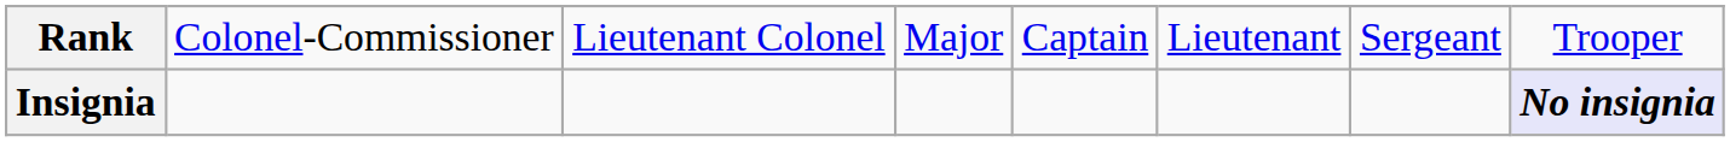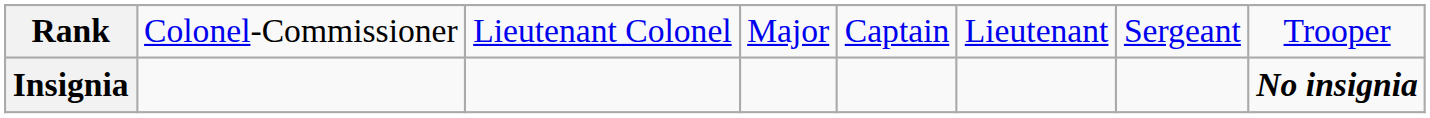 <table class="wikitable">
 <tr style="text-align:center;">
 <th>Rank</th>
 <td><a href='#'>Colonel</a>-Commissioner</td>
 <td><a href='#'>Lieutenant Colonel</a></td>
 <td><a href='#'>Major</a></td>
 <td><a href='#'>Captain</a></td>
 <td><a href='#'>Lieutenant</a></td>
 <td><a href='#'>Sergeant</a></td>
 <td><a href='#'>Trooper</a></td>
 </tr>
 <tr style="text-align:center;">
 <th>Insignia</th>
 <td></td>
 <td></td>
 <td></td>
 <td></td>
 <td></td>
 <td></td>
-<td style="background: lavender;"><strong><em>No insignia</em></strong></td>
+<td><strong><em>No insignia</em></strong></td>
 </tr>
 </table>
